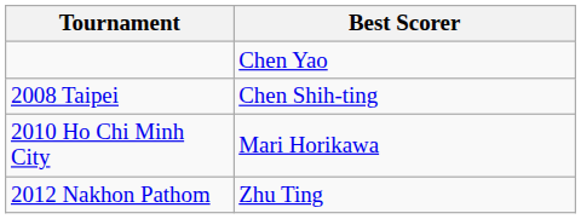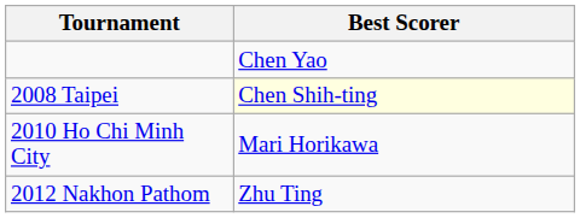 <table class=wikitable style="width: 400px;">
 <tr>
 <th style="width: 40%;">Tournament</th>
 <th style="width: 60%;">Best Scorer</th>
 </tr>
 <tr>
 <td></td>
 <td> <a href='#'>Chen Yao</a></td>
 </tr>
 <tr>
 <td><a href='#'>2008 Taipei</a></td>
-<td> <a href='#'>Chen Shih-ting</a></td>
+<td style="background: lightyellow;"> <a href='#'>Chen Shih-ting</a></td>
 </tr>
 <tr>
 <td><a href='#'>2010 Ho Chi Minh City</a></td>
 <td> <a href='#'>Mari Horikawa</a></td>
 </tr>
 <tr>
 <td><a href='#'>2012 Nakhon Pathom</a></td>
 <td> <a href='#'>Zhu Ting</a></td>
 </tr>
 </table>
